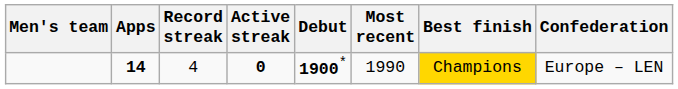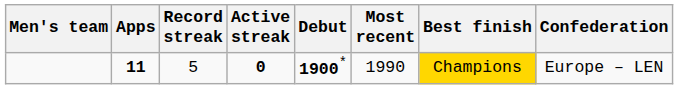 <table class="wikitable" style="text-align: center; font-size: 90%; margin-left: 1em;">
 <tr>
 <th>Men's team</th>
 <th>Apps</th>
 <th>Record<br>streak</th>
 <th>Active<br>streak</th>
 <th>Debut</th>
 <th>Most<br>recent</th>
 <th>Best finish</th>
 <th>Confederation</th>
 </tr>
 <tr>
 <td style="text-align: left;"></td>
-<td><strong>14</strong></td>
-<td>4</td>
+<td><strong>11</strong></td>
+<td>5</td>
 <td><strong>0</strong></td>
 <td><strong>1900</strong><sup>*</sup></td>
 <td>1990</td>
 <td style="background-color: gold;">Champions</td>
 <td>Europe – LEN</td>
 </tr>
 </table>
